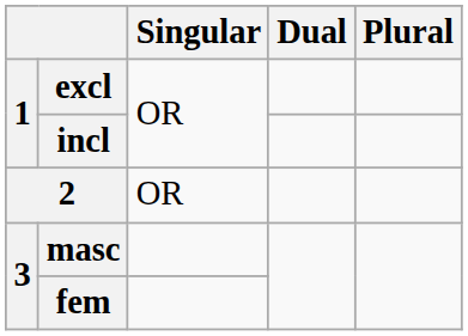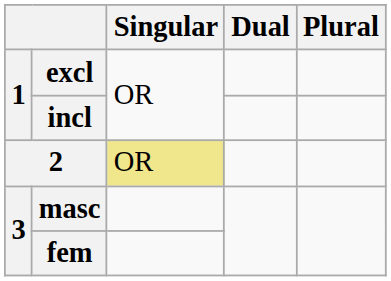 <table class="wikitable">
 <tr>
 <th colspan="2"></th>
 <th>Singular</th>
 <th>Dual</th>
 <th>Plural</th>
 </tr>
 <tr>
 <th rowspan="2">1</th>
 <th>excl</th>
 <td rowspan="2"> OR </td>
 <td></td>
 <td></td>
 </tr>
 <tr>
 <th>incl</th>
 <td></td>
 <td></td>
 </tr>
 <tr>
 <th colspan="2">2</th>
-<td> OR </td>
+<td style="background: khaki;"> OR </td>
 <td></td>
 <td></td>
 </tr>
 <tr>
 <th rowspan="2">3</th>
 <th>masc</th>
 <td></td>
 <td rowspan="2"></td>
 <td rowspan="2"></td>
 </tr>
 <tr>
 <th>fem</th>
 <td></td>
 </tr>
 </table>
